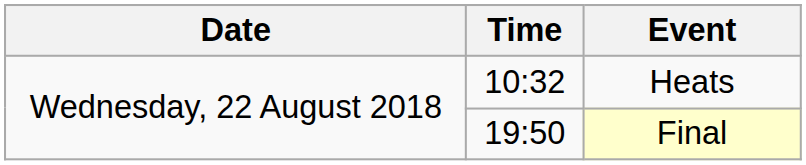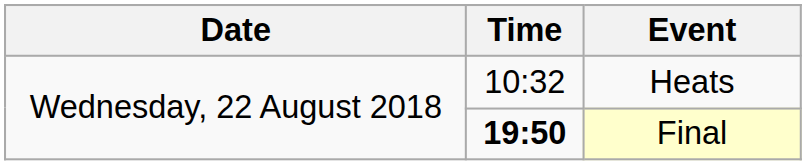 <table class = "wikitable" style="text-align:center;">
 <tr>
 <th width=220>Date</th>
 <th width=50>Time</th>
 <th width=100>Event</th>
 </tr>
 <tr>
 <td rowspan=2>Wednesday, 22 August 2018</td>
 <td>10:32</td>
 <td>Heats</td>
 </tr>
 <tr>
-<td>19:50</td>
+<td><strong>19:50</strong></td>
 <td bgcolor=ffffcc>Final</td>
 </tr>
 </table>
